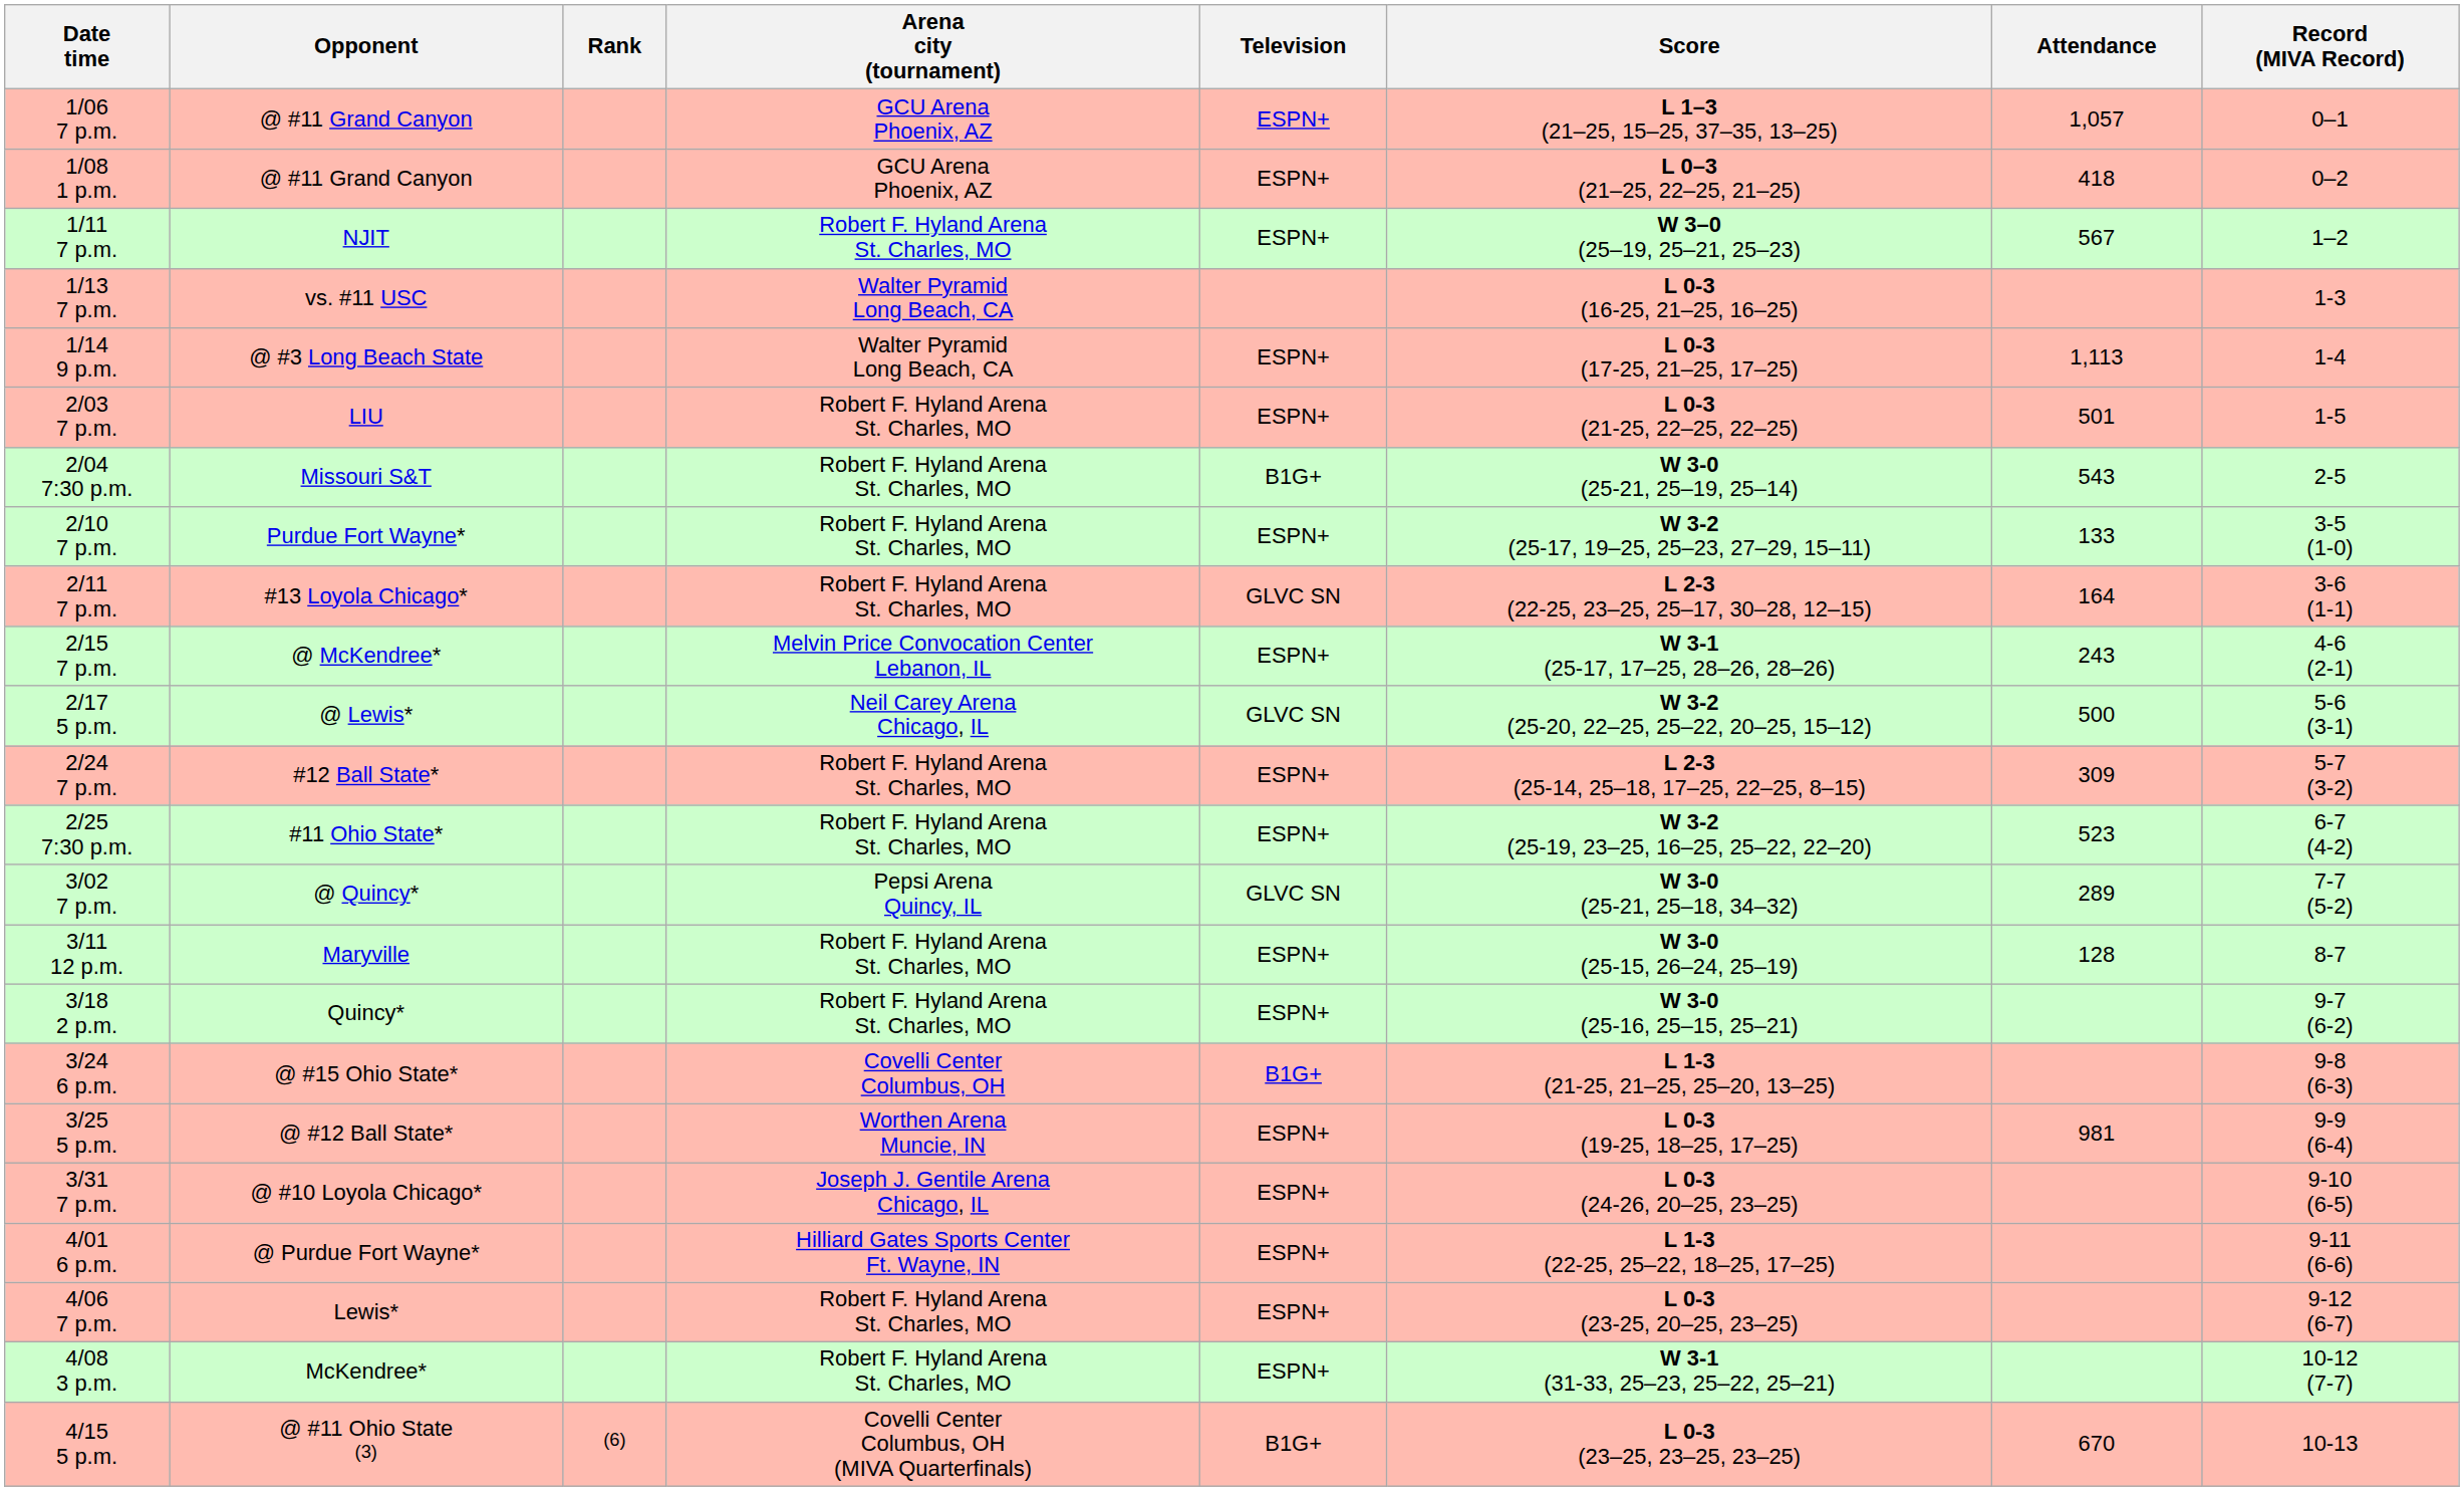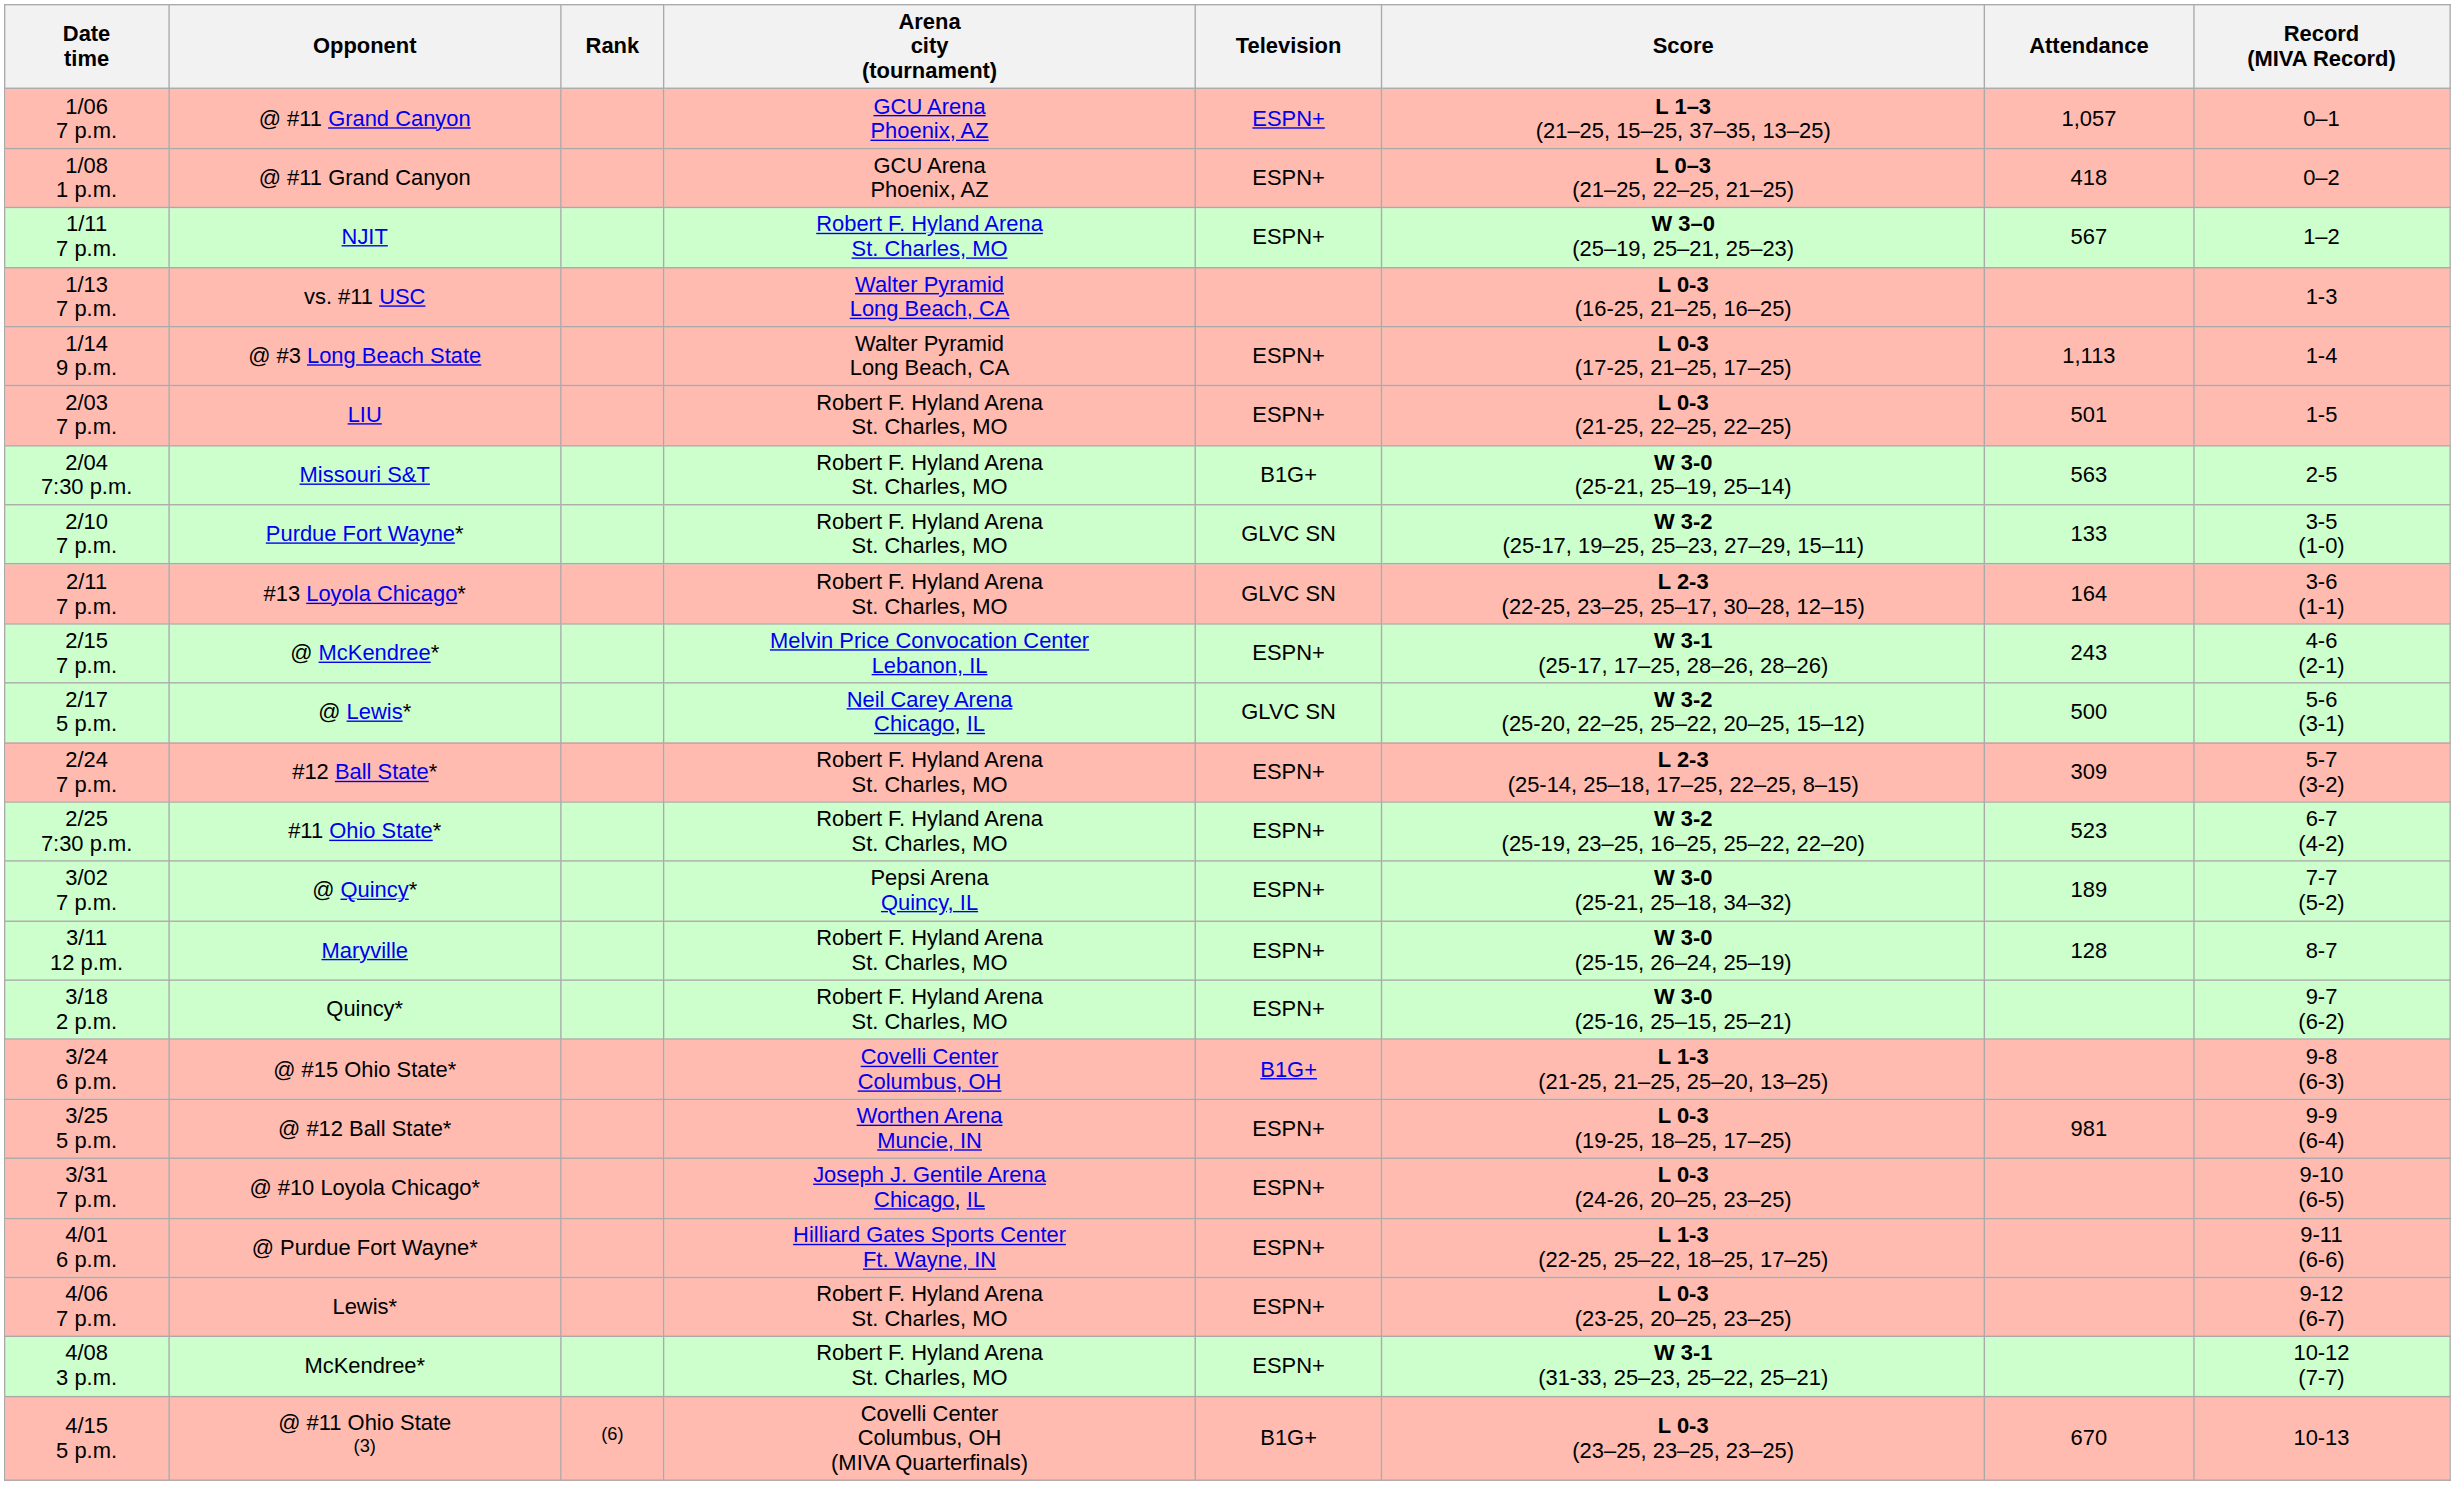 <table class="wikitable sortable" style="width:90%">
 <tr>
 <th>Date<br>time</th>
 <th>Opponent</th>
 <th>Rank</th>
 <th>Arena<br>city<br>(tournament)</th>
 <th>Television</th>
 <th>Score</th>
 <th>Attendance</th>
 <th>Record<br>(MIVA Record)</th>
 </tr>
 <tr align="center" bgcolor="#ffbbb">
 <td>1/06<br>7 p.m.</td>
 <td>@ #11 <a href='#'>Grand Canyon</a></td>
 <td></td>
 <td><a href='#'>GCU Arena</a><br><a href='#'>Phoenix, AZ</a></td>
 <td><a href='#'>ESPN+</a></td>
 <td><strong>L 1–3</strong><br>(21–25, 15–25, 37–35, 13–25)</td>
 <td>1,057</td>
 <td>0–1</td>
 </tr>
 <tr align="center" bgcolor="#ffbbb">
 <td>1/08<br>1 p.m.</td>
 <td>@ #11 Grand Canyon</td>
 <td></td>
 <td>GCU Arena<br>Phoenix, AZ</td>
 <td>ESPN+</td>
 <td><strong>L 0–3</strong><br>(21–25, 22–25, 21–25)</td>
 <td>418</td>
 <td>0–2</td>
 </tr>
 <tr align="center" bgcolor="#ccffcc">
 <td>1/11<br>7 p.m.</td>
 <td><a href='#'>NJIT</a></td>
 <td></td>
 <td><a href='#'>Robert F. Hyland Arena</a><br><a href='#'>St. Charles, MO</a></td>
 <td>ESPN+</td>
 <td><strong>W 3–0</strong><br>(25–19, 25–21, 25–23)</td>
 <td>567</td>
 <td>1–2</td>
 </tr>
 <tr align="center" bgcolor="#ffbbb">
 <td>1/13<br>7 p.m.</td>
 <td>vs. #11 <a href='#'>USC</a></td>
 <td></td>
 <td><a href='#'>Walter Pyramid</a><br><a href='#'>Long Beach, CA</a></td>
 <td></td>
 <td><strong>L 0-3</strong><br>(16-25, 21–25, 16–25)</td>
 <td></td>
 <td>1-3</td>
 </tr>
 <tr align="center" bgcolor="#ffbbb">
 <td>1/14<br>9 p.m.</td>
 <td>@ #3 <a href='#'>Long Beach State</a></td>
 <td></td>
 <td>Walter Pyramid<br>Long Beach, CA</td>
 <td>ESPN+</td>
 <td><strong>L 0-3</strong><br>(17-25, 21–25, 17–25)</td>
 <td>1,113</td>
 <td>1-4</td>
 </tr>
 <tr align="center" bgcolor="#ffbbb">
 <td>2/03<br>7 p.m.</td>
 <td><a href='#'>LIU</a></td>
 <td></td>
 <td>Robert F. Hyland Arena<br>St. Charles, MO</td>
 <td>ESPN+</td>
 <td><strong>L 0-3</strong><br>(21-25, 22–25, 22–25)</td>
 <td>501</td>
 <td>1-5</td>
 </tr>
 <tr align="center" bgcolor="#ccffcc">
 <td>2/04<br>7:30 p.m.</td>
 <td><a href='#'>Missouri S&T</a></td>
 <td></td>
 <td>Robert F. Hyland Arena<br>St. Charles, MO</td>
 <td>B1G+</td>
 <td><strong>W 3-0</strong><br>(25-21, 25–19, 25–14)</td>
-<td>543</td>
+<td>563</td>
 <td>2-5</td>
 </tr>
 <tr align="center" bgcolor="#ccffcc">
 <td>2/10<br>7 p.m.</td>
 <td><a href='#'>Purdue Fort Wayne</a>*</td>
 <td></td>
 <td>Robert F. Hyland Arena<br>St. Charles, MO</td>
-<td>ESPN+</td>
+<td>GLVC SN</td>
 <td><strong>W 3-2</strong><br>(25-17, 19–25, 25–23, 27–29, 15–11)</td>
 <td>133</td>
 <td>3-5<br>(1-0)</td>
 </tr>
 <tr align="center" bgcolor="#ffbbb">
 <td>2/11<br>7 p.m.</td>
 <td>#13 <a href='#'>Loyola Chicago</a>*</td>
 <td></td>
 <td>Robert F. Hyland Arena<br>St. Charles, MO</td>
 <td>GLVC SN</td>
 <td><strong>L 2-3</strong><br>(22-25, 23–25, 25–17, 30–28, 12–15)</td>
 <td>164</td>
 <td>3-6<br>(1-1)</td>
 </tr>
 <tr align="center" bgcolor="#ccffcc">
 <td>2/15<br>7 p.m.</td>
 <td>@ <a href='#'>McKendree</a>*</td>
 <td></td>
 <td><a href='#'>Melvin Price Convocation Center</a><br><a href='#'>Lebanon, IL</a></td>
 <td>ESPN+</td>
 <td><strong>W 3-1</strong><br>(25-17, 17–25, 28–26, 28–26)</td>
 <td>243</td>
 <td>4-6<br>(2-1)</td>
 </tr>
 <tr align="center" bgcolor="#ccffcc">
 <td>2/17<br>5 p.m.</td>
 <td>@ <a href='#'>Lewis</a>*</td>
 <td></td>
 <td><a href='#'>Neil Carey Arena</a><br><a href='#'>Chicago</a>, <a href='#'>IL</a></td>
 <td>GLVC SN</td>
 <td><strong>W 3-2</strong><br>(25-20, 22–25, 25–22, 20–25, 15–12)</td>
 <td>500</td>
 <td>5-6<br>(3-1)</td>
 </tr>
 <tr align="center" bgcolor="#ffbbb">
 <td>2/24<br>7 p.m.</td>
 <td>#12 <a href='#'>Ball State</a>*</td>
 <td></td>
 <td>Robert F. Hyland Arena<br>St. Charles, MO</td>
 <td>ESPN+</td>
 <td><strong>L 2-3</strong><br>(25-14, 25–18, 17–25, 22–25, 8–15)</td>
 <td>309</td>
 <td>5-7<br>(3-2)</td>
 </tr>
 <tr align="center" bgcolor="#ccffcc">
 <td>2/25<br>7:30 p.m.</td>
 <td>#11 <a href='#'>Ohio State</a>*</td>
 <td></td>
 <td>Robert F. Hyland Arena<br>St. Charles, MO</td>
 <td>ESPN+</td>
 <td><strong>W 3-2</strong><br>(25-19, 23–25, 16–25, 25–22, 22–20)</td>
 <td>523</td>
 <td>6-7<br>(4-2)</td>
 </tr>
 <tr align="center" bgcolor="#ccffcc">
 <td>3/02<br>7 p.m.</td>
 <td>@ <a href='#'>Quincy</a>*</td>
 <td></td>
 <td>Pepsi Arena<br><a href='#'>Quincy, IL</a></td>
-<td>GLVC SN</td>
+<td>ESPN+</td>
 <td><strong>W 3-0</strong><br>(25-21, 25–18, 34–32)</td>
-<td>289</td>
+<td>189</td>
 <td>7-7<br>(5-2)</td>
 </tr>
 <tr align="center" bgcolor="#ccffcc">
 <td>3/11<br>12 p.m.</td>
 <td><a href='#'>Maryville</a></td>
 <td></td>
 <td>Robert F. Hyland Arena<br>St. Charles, MO</td>
 <td>ESPN+</td>
 <td><strong>W 3-0</strong><br>(25-15, 26–24, 25–19)</td>
 <td>128</td>
 <td>8-7</td>
 </tr>
 <tr align="center" bgcolor="#ccffcc">
 <td>3/18<br>2 p.m.</td>
 <td>Quincy*</td>
 <td></td>
 <td>Robert F. Hyland Arena<br>St. Charles, MO</td>
 <td>ESPN+</td>
 <td><strong>W 3-0</strong><br>(25-16, 25–15, 25–21)</td>
 <td></td>
 <td>9-7<br>(6-2)</td>
 </tr>
 <tr align="center" bgcolor="#ffbbb">
 <td>3/24<br>6 p.m.</td>
 <td>@ #15 Ohio State*</td>
 <td></td>
 <td><a href='#'>Covelli Center</a><br><a href='#'>Columbus, OH</a></td>
 <td><a href='#'>B1G+</a></td>
 <td><strong>L 1-3</strong><br>(21-25, 21–25, 25–20, 13–25)</td>
 <td></td>
 <td>9-8<br>(6-3)</td>
 </tr>
 <tr align="center" bgcolor="#ffbbb">
 <td>3/25<br>5 p.m.</td>
 <td>@ #12 Ball State*</td>
 <td></td>
 <td><a href='#'>Worthen Arena</a><br><a href='#'>Muncie, IN</a></td>
 <td>ESPN+</td>
 <td><strong>L 0-3</strong><br>(19-25, 18–25, 17–25)</td>
 <td>981</td>
 <td>9-9<br>(6-4)</td>
 </tr>
 <tr align="center" bgcolor="#ffbbb">
 <td>3/31<br>7 p.m.</td>
 <td>@ #10 Loyola Chicago*</td>
 <td></td>
 <td><a href='#'>Joseph J. Gentile Arena</a><br><a href='#'>Chicago</a>, <a href='#'>IL</a></td>
 <td>ESPN+</td>
 <td><strong>L 0-3</strong><br>(24-26, 20–25, 23–25)</td>
 <td></td>
 <td>9-10<br>(6-5)</td>
 </tr>
 <tr align="center" bgcolor="#ffbbb">
 <td>4/01<br>6 p.m.</td>
 <td>@ Purdue Fort Wayne*</td>
 <td></td>
 <td><a href='#'>Hilliard Gates Sports Center</a><br><a href='#'>Ft. Wayne, IN</a></td>
 <td>ESPN+</td>
 <td><strong>L 1-3</strong><br>(22-25, 25–22, 18–25, 17–25)</td>
 <td></td>
 <td>9-11<br>(6-6)</td>
 </tr>
 <tr align="center" bgcolor="#ffbbb">
 <td>4/06<br>7 p.m.</td>
 <td>Lewis*</td>
 <td></td>
 <td>Robert F. Hyland Arena<br>St. Charles, MO</td>
 <td>ESPN+</td>
 <td><strong>L 0-3</strong><br>(23-25, 20–25, 23–25)</td>
 <td></td>
 <td>9-12<br>(6-7)</td>
 </tr>
 <tr align="center" bgcolor="#ccffcc">
 <td>4/08<br>3 p.m.</td>
 <td>McKendree*</td>
 <td></td>
 <td>Robert F. Hyland Arena<br>St. Charles, MO</td>
 <td>ESPN+</td>
 <td><strong>W 3-1</strong><br>(31-33, 25–23, 25–22, 25–21)</td>
 <td></td>
 <td>10-12<br>(7-7)</td>
 </tr>
 <tr align="center" bgcolor="#ffbbb">
 <td>4/15<br>5 p.m.</td>
 <td>@ #11 Ohio State <br> <sup>(3)</sup></td>
 <td><sup>(6)</sup></td>
 <td>Covelli Center<br>Columbus, OH<br>(MIVA Quarterfinals)</td>
 <td>B1G+</td>
 <td><strong>L 0-3</strong><br>(23–25, 23–25, 23–25)</td>
 <td>670</td>
 <td>10-13</td>
 </tr>
 </table>
